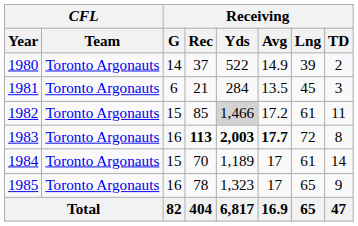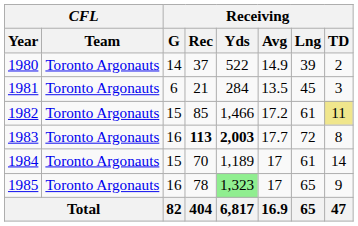 <table class="wikitable">
 <tr>
 <th colspan="2"><strong><em>CFL</em></strong></th>
 <th colspan="7">Receiving</th>
 </tr>
 <tr>
 <th>Year</th>
 <th>Team</th>
 <th>G</th>
 <th>Rec</th>
 <th>Yds</th>
 <th>Avg</th>
 <th>Lng</th>
 <th>TD</th>
 </tr>
 <tr style="text-align:center;">
 <td><a href='#'>1980</a></td>
 <td><a href='#'>Toronto Argonauts</a></td>
 <td>14</td>
 <td>37</td>
 <td>522</td>
 <td>14.9</td>
 <td>39</td>
 <td>2</td>
 </tr>
 <tr style="text-align:center;">
 <td><a href='#'>1981</a></td>
 <td><a href='#'>Toronto Argonauts</a></td>
 <td>6</td>
 <td>21</td>
 <td>284</td>
 <td>13.5</td>
 <td>45</td>
 <td>3</td>
 </tr>
 <tr style="text-align:center;">
 <td><a href='#'>1982</a></td>
 <td><a href='#'>Toronto Argonauts</a></td>
 <td>15</td>
 <td>85</td>
-<td style="background: lightgrey;">1,466</td>
+<td>1,466</td>
 <td>17.2</td>
 <td>61</td>
-<td>11</td>
+<td style="background: khaki;">11</td>
 </tr>
 <tr style="text-align:center;">
 <td><a href='#'>1983</a></td>
 <td><a href='#'>Toronto Argonauts</a></td>
 <td>16</td>
 <td><strong>113</strong></td>
 <td><strong>2,003</strong></td>
-<td><strong>17.7</strong></td>
+<td>17.7</td>
 <td>72</td>
 <td>8</td>
 </tr>
 <tr style="text-align:center;">
 <td><a href='#'>1984</a></td>
 <td><a href='#'>Toronto Argonauts</a></td>
 <td>15</td>
 <td>70</td>
 <td>1,189</td>
 <td>17</td>
 <td>61</td>
 <td>14</td>
 </tr>
 <tr style="text-align:center;">
 <td><a href='#'>1985</a></td>
 <td><a href='#'>Toronto Argonauts</a></td>
 <td>16</td>
 <td>78</td>
-<td>1,323</td>
+<td style="background: lightgreen;">1,323</td>
 <td>17</td>
 <td>65</td>
 <td>9</td>
 </tr>
 <tr style="text-align:center;">
 <th colspan=2><strong>Total</strong></th>
 <th>82</th>
 <th>404</th>
 <th>6,817</th>
 <th>16.9</th>
 <th>65</th>
 <th>47</th>
 </tr>
 </table>
